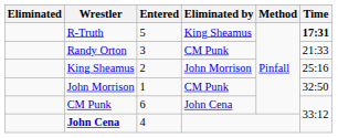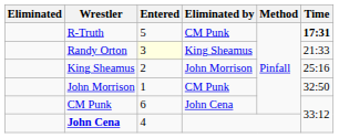 <table class="wikitable sortable">
 <tr>
 <th>Eliminated</th>
 <th>Wrestler</th>
 <th>Entered</th>
 <th>Eliminated by</th>
 <th>Method</th>
 <th><strong>Time</strong></th>
 </tr>
 <tr>
 <td></td>
 <td><a href='#'>R-Truth</a></td>
 <td>5</td>
-<td><a href='#'>King Sheamus</a></td>
+<td><a href='#'>CM Punk</a></td>
 <td rowspan=5><a href='#'>Pinfall</a></td>
 <td><strong>17:31</strong></td>
 </tr>
 <tr>
 <td></td>
 <td><a href='#'>Randy Orton</a></td>
-<td>3</td>
-<td><a href='#'>CM Punk</a></td>
+<td style="background: lightyellow;">3</td>
+<td><a href='#'>King Sheamus</a></td>
 <td>21:33</td>
 </tr>
 <tr>
 <td></td>
 <td><a href='#'>King Sheamus</a></td>
 <td>2</td>
 <td><a href='#'>John Morrison</a></td>
 <td>25:16</td>
 </tr>
 <tr>
 <td></td>
 <td><a href='#'>John Morrison</a></td>
 <td>1</td>
 <td><a href='#'>CM Punk</a></td>
 <td>32:50</td>
 </tr>
 <tr>
 <td></td>
 <td><a href='#'>CM Punk</a></td>
 <td>6</td>
 <td><a href='#'>John Cena</a></td>
 <td rowspan=2>33:12</td>
 </tr>
 <tr>
 <td></td>
 <td><strong><a href='#'>John Cena</a></strong></td>
 <td>4</td>
 <td colspan="2"></td>
 </tr>
 </table>
